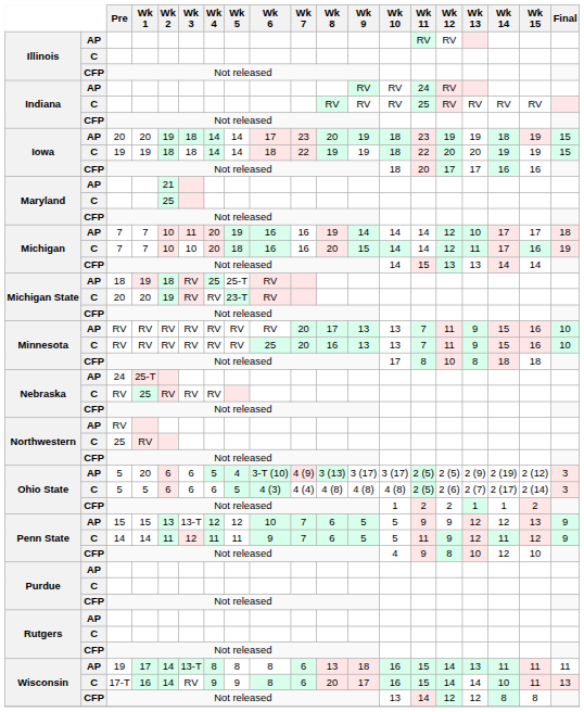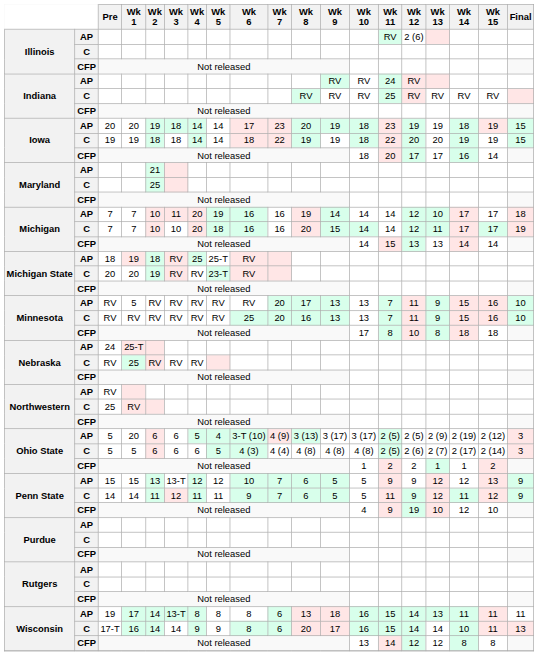 <table class="wikitable" style="white-space:nowrap;font-size:85%;">
 <tr>
 <th colspan=2 style="background:white; border-top-style:hidden; border-left-style:hidden;"> </th>
 <th>Pre</th>
 <th>Wk<br>1</th>
 <th>Wk<br>2</th>
 <th>Wk<br>3</th>
 <th>Wk<br>4</th>
 <th>Wk<br>5</th>
 <th>Wk<br>6</th>
 <th>Wk<br>7</th>
 <th>Wk<br>8</th>
 <th>Wk<br>9</th>
 <th>Wk<br>10</th>
 <th>Wk<br>11</th>
 <th>Wk<br>12</th>
 <th>Wk<br>13</th>
 <th>Wk<br>14</th>
 <th>Wk<br>15</th>
 <th>Final</th>
 </tr>
 <tr style="text-align:center;">
 <th rowspan="3">Illinois</th>
 <th>AP</th>
 <td style="background:#FFF;"></td>
 <td style="background:#FFF;"></td>
 <td style="background:#FFF;"></td>
 <td style="background:#FFF;"></td>
 <td style="background:#FFF;"></td>
 <td style="background:#FFF;"></td>
 <td style="background:#FFF;"></td>
 <td style="background:#FFF;"></td>
 <td style="background:#FFF;"></td>
 <td style="background:#FFF;"></td>
 <td style="background:#FFF;"></td>
 <td style="background:#d8ffeb;">RV</td>
-<td style="background:#FFF;">RV</td>
+<td style="background:#FFF;">2 (6)</td>
 <td style="background:#ffe6e6;"></td>
 <td style="background:#FFF;"></td>
 <td style="background:#FFF;"></td>
 <td style="background:#FFF;"></td>
 </tr>
 <tr style="text-align:center;">
 <th>C</th>
 <td style="background:#FFF;"></td>
 <td style="background:#FFF;"></td>
 <td style="background:#FFF;"></td>
 <td style="background:#FFF;"></td>
 <td style="background:#FFF;"></td>
 <td style="background:#FFF;"></td>
 <td style="background:#FFF;"></td>
 <td style="background:#FFF;"></td>
 <td style="background:#FFF;"></td>
 <td style="background:#FFF;"></td>
 <td style="background:#FFF;"></td>
 <td style="background:#FFF;"></td>
 <td style="background:#FFF;"></td>
 <td style="background:#FFF;"></td>
 <td style="background:#FFF;"></td>
 <td style="background:#FFF;"></td>
 <td style="background:#FFF;"></td>
 </tr>
 <tr style="text-align:center;">
 <th>CFP</th>
 <td colspan="10" style="text-align:center;">Not released</td>
 <td style="background:#FFF;"></td>
 <td style="background:#FFF;"></td>
 <td style="background:#FFF;"></td>
 <td style="background:#FFF;"></td>
 <td style="background:#FFF;"></td>
 <td style="background:#FFF;"></td>
 <td style="text-align:center;"></td>
 </tr>
 <tr style="text-align:center;">
 <th rowspan="3">Indiana</th>
 <th>AP</th>
 <td style="background:#FFF;"></td>
 <td style="background:#FFF;"></td>
 <td style="background:#FFF;"></td>
 <td style="background:#FFF;"></td>
 <td style="background:#FFF;"></td>
 <td style="background:#FFF;"></td>
 <td style="background:#FFF;"></td>
 <td style="background:#FFF;"></td>
 <td style="background:#FFF;"></td>
 <td style="background:#d8ffeb;">RV</td>
 <td style="background:#FFF;">RV</td>
 <td style="background:#d8ffeb;">24</td>
 <td style="background:#ffe6e6;">RV</td>
 <td style="background:#ffe6e6;"></td>
 <td style="background:#FFF;"></td>
 <td style="background:#FFF;"></td>
 <td style="background:#FFF;"></td>
 </tr>
 <tr style="text-align:center;">
 <th>C</th>
 <td style="background:#FFF;"></td>
 <td style="background:#FFF;"></td>
 <td style="background:#FFF;"></td>
 <td style="background:#FFF;"></td>
 <td style="background:#FFF;"></td>
 <td style="background:#FFF;"></td>
 <td style="background:#FFF;"></td>
 <td style="background:#FFF;"></td>
 <td style="background:#d8ffeb;">RV</td>
 <td style="background:#FFF;">RV</td>
 <td style="background:#FFF;">RV</td>
 <td style="background:#d8ffeb;">25</td>
 <td style="background:#ffe6e6;">RV</td>
 <td style="background:#FFF;">RV</td>
 <td style="background:#FFF;">RV</td>
 <td style="background:#FFF;">RV</td>
 <td style="background:#ffe6e6;"></td>
 </tr>
 <tr style="text-align:center;">
 <th>CFP</th>
 <td colspan="10" style="text-align:center;">Not released</td>
 <td style="background:#FFF;"></td>
 <td style="background:#FFF;"></td>
 <td style="background:#FFF;"></td>
 <td style="background:#FFF;"></td>
 <td style="background:#FFF;"></td>
 <td style="background:#FFF;"></td>
 <td style="text-align:center;"></td>
 </tr>
 <tr style="text-align:center;">
 <th rowspan="3">Iowa</th>
 <th>AP</th>
 <td style="background:#FFF;">20</td>
 <td style="background:#FFF;">20</td>
 <td style="background:#d8ffeb;">19</td>
 <td style="background:#d8ffeb;">18</td>
 <td style="background:#d8ffeb;">14</td>
 <td style="background:#FFF;">14</td>
 <td style="background:#ffe6e6;">17</td>
 <td style="background:#ffe6e6;">23</td>
 <td style="background:#d8ffeb;">20</td>
 <td style="background:#d8ffeb;">19</td>
 <td style="background:#d8ffeb;">18</td>
 <td style="background:#ffe6e6;">23</td>
 <td style="background:#d8ffeb;">19</td>
 <td style="background:#FFF;">19</td>
 <td style="background:#d8ffeb;">18</td>
 <td style="background:#ffe6e6;">19</td>
 <td style="background:#d8ffeb;">15</td>
 </tr>
 <tr style="text-align:center;">
 <th>C</th>
 <td style="background:#FFF;">19</td>
 <td style="background:#FFF;">19</td>
 <td style="background:#d8ffeb;">18</td>
 <td style="background:#FFF;">18</td>
 <td style="background:#d8ffeb;">14</td>
 <td style="background:#FFF;">14</td>
 <td style="background:#ffe6e6;">18</td>
 <td style="background:#ffe6e6;">22</td>
 <td style="background:#d8ffeb;">19</td>
 <td style="background:#FFF;">19</td>
 <td style="background:#d8ffeb;">18</td>
 <td style="background:#ffe6e6;">22</td>
 <td style="background:#d8ffeb;">20</td>
 <td style="background:#FFF;">20</td>
 <td style="background:#d8ffeb;">19</td>
 <td style="background:#FFF;">19</td>
 <td style="background:#d8ffeb;">15</td>
 </tr>
 <tr style="text-align:center;">
 <th>CFP</th>
 <td colspan="10" style="text-align:center;">Not released</td>
 <td style="background:#FFF;">18</td>
 <td style="background:#ffe6e6;">20</td>
 <td style="background:#d8ffeb;">17</td>
 <td style="background:#FFF;">17</td>
 <td style="background:#D8FFEB;">16</td>
-<td style="background:#FFF;">16</td>
+<td style="background:#FFF;">14</td>
 <td style="text-align:center;"></td>
 </tr>
 <tr style="text-align:center;">
 <th rowspan="3">Maryland</th>
 <th>AP</th>
 <td style="background:#FFF;"></td>
 <td style="background:#FFF;"></td>
 <td style="background:#d8ffeb;">21</td>
 <td style="background:#ffe6e6;"></td>
 <td style="background:#FFF;"></td>
 <td style="background:#FFF;"></td>
 <td style="background:#FFF;"></td>
 <td style="background:#FFF;"></td>
 <td style="background:#FFF;"></td>
 <td style="background:#FFF;"></td>
 <td style="background:#FFF;"></td>
 <td style="background:#FFF;"></td>
 <td style="background:#FFF;"></td>
 <td style="background:#FFF;"></td>
 <td style="background:#FFF;"></td>
 <td style="background:#FFF;"></td>
 <td style="background:#FFF;"></td>
 </tr>
 <tr style="text-align:center;">
 <th>C</th>
 <td style="background:#FFF;"></td>
 <td style="background:#FFF;"></td>
 <td style="background:#d8ffeb;">25</td>
 <td style="background:#ffe6e6;"></td>
 <td style="background:#FFF;"></td>
 <td style="background:#FFF;"></td>
 <td style="background:#FFF;"></td>
 <td style="background:#FFF;"></td>
 <td style="background:#FFF;"></td>
 <td style="background:#FFF;"></td>
 <td style="background:#FFF;"></td>
 <td style="background:#FFF;"></td>
 <td style="background:#FFF;"></td>
 <td style="background:#FFF;"></td>
 <td style="background:#FFF;"></td>
 <td style="background:#FFF;"></td>
 <td style="background:#FFF;"></td>
 </tr>
 <tr style="text-align:center;">
 <th>CFP</th>
 <td colspan="10" style="text-align:center;">Not released</td>
 <td style="background:#FFF;"></td>
 <td style="background:#FFF;"></td>
 <td style="background:#FFF;"></td>
 <td style="background:#FFF;"></td>
 <td style="background:#FFF;"></td>
 <td style="background:#FFF;"></td>
 <td style="text-align:center;"></td>
 </tr>
 <tr style="text-align:center;">
 <th rowspan="3">Michigan</th>
 <th>AP</th>
 <td style="background:#FFF;">7</td>
 <td style="background:#FFF;">7</td>
 <td style="background:#ffe6e6;">10</td>
 <td style="background:#ffe6e6;">11</td>
 <td style="background:#ffe6e6;">20</td>
 <td style="background:#d8ffeb;">19</td>
 <td style="background:#d8ffeb;">16</td>
 <td style="background:#FFF;">16</td>
 <td style="background:#ffe6e6;">19</td>
 <td style="background:#d8ffeb;">14</td>
 <td style="background:#FFF;">14</td>
 <td style="background:#FFF;">14</td>
 <td style="background:#d8ffeb;">12</td>
 <td style="background:#d8ffeb;">10</td>
 <td style="background:#ffe6e6;">17</td>
 <td style="background:#FFF;">17</td>
 <td style="background:#ffe6e6;">18</td>
 </tr>
 <tr style="text-align:center;">
 <th>C</th>
 <td style="background:#FFF;">7</td>
 <td style="background:#FFF;">7</td>
 <td style="background:#ffe6e6;">10</td>
 <td style="background:#FFF;">10</td>
 <td style="background:#ffe6e6;">20</td>
 <td style="background:#d8ffeb;">18</td>
 <td style="background:#d8ffeb;">16</td>
 <td style="background:#FFF;">16</td>
 <td style="background:#ffe6e6;">20</td>
 <td style="background:#d8ffeb;">15</td>
 <td style="background:#d8ffeb;">14</td>
 <td style="background:#FFF;">14</td>
 <td style="background:#d8ffeb;">12</td>
 <td style="background:#d8ffeb;">11</td>
 <td style="background:#ffe6e6;">17</td>
-<td style="background:#d8ffeb;">16</td>
+<td style="background:#d8ffeb;">17</td>
 <td style="background:#ffe6e6;">19</td>
 </tr>
 <tr style="text-align:center;">
 <th>CFP</th>
 <td colspan="10" style="text-align:center;">Not released</td>
 <td style="background:#FFF;">14</td>
 <td style="background:#ffe6e6;">15</td>
 <td style="background:#d8ffeb;">13</td>
 <td style="background:#FFF;">13</td>
 <td style="background:#FFe6e6;">14</td>
 <td style="background:#FFF;">14</td>
 <td style="text-align:center;"></td>
 </tr>
 <tr style="text-align:center;">
 <th rowspan="3">Michigan State</th>
 <th>AP</th>
 <td style="background:#FFF;">18</td>
 <td style="background:#ffe6e6;">19</td>
 <td style="background:#d8ffeb;">18</td>
 <td style="background:#ffe6e6;">RV</td>
 <td style="background:#d8ffeb;">25</td>
 <td style="background:#FFF;">25-T</td>
 <td style="background:#ffe6e6;">RV</td>
 <td style="background:#ffe6e6;"></td>
 <td style="background:#FFF;"></td>
 <td style="background:#FFF;"></td>
 <td style="background:#FFF;"></td>
 <td style="background:#FFF;"></td>
 <td style="background:#FFF;"></td>
 <td style="background:#FFF;"></td>
 <td style="background:#FFF;"></td>
 <td style="background:#FFF;"></td>
 <td style="background:#FFF;"></td>
 </tr>
 <tr style="text-align:center;">
 <th>C</th>
 <td style="background:#FFF;">20</td>
 <td style="background:#FFF;">20</td>
 <td style="background:#d8ffeb;">19</td>
 <td style="background:#ffe6e6;">RV</td>
 <td style="background:#FFF;">RV</td>
 <td style="background:#d8ffeb;">23-T</td>
 <td style="background:#ffe6e6;">RV</td>
 <td style="background:#ffe6e6;"></td>
 <td style="background:#FFF;"></td>
 <td style="background:#FFF;"></td>
 <td style="background:#FFF;"></td>
 <td style="background:#FFF;"></td>
 <td style="background:#FFF;"></td>
 <td style="background:#FFF;"></td>
 <td style="background:#FFF;"></td>
 <td style="background:#FFF;"></td>
 <td style="background:#FFF;"></td>
 </tr>
 <tr style="text-align:center;">
 <th>CFP</th>
 <td colspan="10" style="text-align:center;">Not released</td>
 <td style="background:#FFF;"></td>
 <td style="background:#FFF;"></td>
 <td style="background:#FFF;"></td>
 <td style="background:#FFF;"></td>
 <td style="background:#FFF;"></td>
 <td style="background:#FFF;"></td>
 <td style="text-align:center;"></td>
 </tr>
 <tr style="text-align:center;">
 <th rowspan="3">Minnesota</th>
 <th>AP</th>
 <td style="background:#FFF;">RV</td>
-<td style="background:#FFF;">RV</td>
+<td style="background:#FFF;">5</td>
 <td style="background:#FFF;">RV</td>
 <td style="background:#FFF;">RV</td>
 <td style="background:#FFF;">RV</td>
 <td style="background:#FFF;">RV</td>
 <td style="background:#FFF;">RV</td>
 <td style="background:#d8ffeb;">20</td>
 <td style="background:#d8ffeb;">17</td>
 <td style="background:#d8ffeb;">13</td>
 <td style="background:#FFF;">13</td>
 <td style="background:#d8ffeb;">7</td>
 <td style="background:#ffe6e6;">11</td>
 <td style="background:#d8ffeb;">9</td>
 <td style="background:#ffe6e6;">15</td>
 <td style="background:#ffe6e6;">16</td>
 <td style="background:#d8ffeb;">10</td>
 </tr>
 <tr style="text-align:center;">
 <th>C</th>
 <td style="background:#FFF;">RV</td>
 <td style="background:#FFF;">RV</td>
 <td style="background:#FFF;">RV</td>
 <td style="background:#FFF;">RV</td>
 <td style="background:#FFF;">RV</td>
 <td style="background:#FFF;">RV</td>
 <td style="background:#d8ffeb;">25</td>
 <td style="background:#d8ffeb;">20</td>
 <td style="background:#d8ffeb;">16</td>
 <td style="background:#d8ffeb;">13</td>
 <td style="background:#FFF;">13</td>
 <td style="background:#d8ffeb;">7</td>
 <td style="background:#ffe6e6;">11</td>
 <td style="background:#d8ffeb;">9</td>
 <td style="background:#ffe6e6;">15</td>
 <td style="background:#ffe6e6;">16</td>
 <td style="background:#d8ffeb;">10</td>
 </tr>
 <tr style="text-align:center;">
 <th>CFP</th>
 <td colspan="10" style="text-align:center;">Not released</td>
 <td style="background:#FFF;">17</td>
 <td style="background:#d8ffeb;">8</td>
 <td style="background:#ffe6e6;">10</td>
 <td style="background:#d8ffeb;">8</td>
 <td style="background:#FFe6e6;">18</td>
 <td style="background:#FFF;">18</td>
 <td style="text-align:center;"></td>
 </tr>
 <tr style="text-align:center;">
 <th rowspan="3">Nebraska</th>
 <th>AP</th>
 <td style="background:#FFF;">24</td>
 <td style="background:#ffe6e6;">25-T</td>
 <td style="background:#ffe6e6;"></td>
 <td style="background:#FFF;"></td>
 <td style="background:#FFF;"></td>
 <td style="background:#FFF;"></td>
 <td style="background:#FFF;"></td>
 <td style="background:#FFF;"></td>
 <td style="background:#FFF;"></td>
 <td style="background:#FFF;"></td>
 <td style="background:#FFF;"></td>
 <td style="background:#FFF;"></td>
 <td style="background:#FFF;"></td>
 <td style="background:#FFF;"></td>
 <td style="background:#FFF;"></td>
 <td style="background:#FFF;"></td>
 <td style="background:#FFF;"></td>
 </tr>
 <tr style="text-align:center;">
 <th>C</th>
 <td style="background:#FFF;">RV</td>
 <td style="background:#d8ffeb">25</td>
 <td style="background:#ffe6e6;">RV</td>
 <td style="background:#FFF;">RV</td>
 <td style="background:#FFF;">RV</td>
 <td style="background:#ffe6e6;"></td>
 <td style="background:#FFF;"></td>
 <td style="background:#FFF;"></td>
 <td style="background:#FFF;"></td>
 <td style="background:#FFF;"></td>
 <td style="background:#FFF;"></td>
 <td style="background:#FFF;"></td>
 <td style="background:#FFF;"></td>
 <td style="background:#FFF;"></td>
 <td style="background:#FFF;"></td>
 <td style="background:#FFF;"></td>
 <td style="background:#FFF;"></td>
 </tr>
 <tr style="text-align:center;">
 <th>CFP</th>
 <td colspan="10" style="text-align:center;">Not released</td>
 <td style="background:#FFF;"></td>
 <td style="background:#FFF;"></td>
 <td style="background:#FFF;"></td>
 <td style="background:#FFF;"></td>
 <td style="background:#FFF;"></td>
 <td style="background:#FFF;"></td>
 <td style="text-align:center;"></td>
 </tr>
 <tr style="text-align:center;">
 <th rowspan="3">Northwestern</th>
 <th>AP</th>
 <td style="background:#FFF;">RV</td>
 <td style="background:#ffe6e6"></td>
 <td style="background:#FFF;"></td>
 <td style="background:#FFF;"></td>
 <td style="background:#FFF;"></td>
 <td style="background:#FFF;"></td>
 <td style="background:#FFF;"></td>
 <td style="background:#FFF;"></td>
 <td style="background:#FFF;"></td>
 <td style="background:#FFF;"></td>
 <td style="background:#FFF;"></td>
 <td style="background:#FFF;"></td>
 <td style="background:#FFF;"></td>
 <td style="background:#FFF;"></td>
 <td style="background:#FFF;"></td>
 <td style="background:#FFF;"></td>
 <td style="background:#FFF;"></td>
 </tr>
 <tr style="text-align:center;">
 <th>C</th>
 <td style="background:#FFF;">25</td>
 <td style="background:#ffe6e6">RV</td>
 <td style="background:#ffe6e6;"></td>
 <td style="background:#FFF;"></td>
 <td style="background:#FFF;"></td>
 <td style="background:#FFF;"></td>
 <td style="background:#FFF;"></td>
 <td style="background:#FFF;"></td>
 <td style="background:#FFF;"></td>
 <td style="background:#FFF;"></td>
 <td style="background:#FFF;"></td>
 <td style="background:#FFF;"></td>
 <td style="background:#FFF;"></td>
 <td style="background:#FFF;"></td>
 <td style="background:#FFF;"></td>
 <td style="background:#FFF;"></td>
 <td style="background:#FFF;"></td>
 </tr>
 <tr style="text-align:center;">
 <th>CFP</th>
 <td colspan="10" style="text-align:center;">Not released</td>
 <td style="background:#FFF;"></td>
 <td style="background:#FFF;"></td>
 <td style="background:#FFF;"></td>
 <td style="background:#FFF;"></td>
 <td style="background:#FFF;"></td>
 <td style="background:#FFF;"></td>
 <td style="text-align:center;"></td>
 </tr>
 <tr style="text-align:center;">
 <th rowspan="3">Ohio State</th>
 <th>AP</th>
 <td style="background:#FFF;">5</td>
 <td style="background:#FFF;">20</td>
 <td style="background:#ffe6e6;">6</td>
 <td style="background:#FFF;">6</td>
 <td style="background:#d8ffeb;">5</td>
 <td style="background:#d8ffeb;">4</td>
 <td style="background:#d8ffeb;">3-T (10)</td>
 <td style="background:#ffe6e6;">4 (9)</td>
 <td style="background:#d8ffeb;">3 (13)</td>
 <td style="background:#FFF;">3 (17)</td>
 <td style="background:#FFF;">3 (17)</td>
 <td style="background:#d8ffeb;">2 (5)</td>
 <td style="background:#FFF;">2 (5)</td>
 <td style="background:#FFF;">2 (9)</td>
 <td style="background:#FFF;">2 (19)</td>
 <td style="background:#FFF;">2 (12)</td>
 <td style="background:#ffe6e6;">3</td>
 </tr>
 <tr style="text-align:center;">
 <th>C</th>
 <td style="background:#FFF;">5</td>
 <td style="background:#FFF;">5</td>
 <td style="background:#ffe6e6;">6</td>
 <td style="background:#FFF;">6</td>
 <td style="background:#FFF;">6</td>
 <td style="background:#d8ffeb;">5</td>
 <td style="background:#d8ffeb;">4 (3)</td>
 <td style="background:#FFF;">4 (4)</td>
 <td style="background:#FFF;">4 (8)</td>
 <td style="background:#FFF;">4 (8)</td>
 <td style="background:#FFF;">4 (8)</td>
 <td style="background:#d8ffeb;">2 (5)</td>
 <td style="background:#FFF;">2 (6)</td>
 <td style="background:#FFF;">2 (7)</td>
 <td style="background:#FFF;">2 (17)</td>
 <td style="background:#FFF;">2 (14)</td>
 <td style="background:#ffe6e6;">3</td>
 </tr>
 <tr style="text-align:center;">
 <th>CFP</th>
 <td colspan="10" style="text-align:center;">Not released</td>
 <td style="background:#FFF;">1</td>
 <td style="background:#ffe6e6;">2</td>
 <td style="background:#FFF;">2</td>
 <td style="background:#d8ffeb;">1</td>
 <td style="background:#FFF;">1</td>
 <td style="background:#ffe6e6;">2</td>
 <td style="text-align:center;"></td>
 </tr>
 <tr style="text-align:center;">
 <th rowspan="3">Penn State</th>
 <th>AP</th>
 <td style="background:#FFF;">15</td>
 <td style="background:#FFF;">15</td>
 <td style="background:#d8ffeb;">13</td>
 <td style="background:#FFF;">13-T</td>
 <td style="background:#d8ffeb;">12</td>
 <td style="background:#FFF;">12</td>
 <td style="background:#d8ffeb;">10</td>
 <td style="background:#d8ffeb;">7</td>
 <td style="background:#d8ffeb;">6</td>
 <td style="background:#d8ffeb;">5</td>
 <td style="background:#FFF;">5</td>
 <td style="background:#ffe6e6;">9</td>
 <td style="background:#FFF;">9</td>
 <td style="background:#ffe6e6;">12</td>
 <td style="background:#FFF;">12</td>
 <td style="background:#ffe6e6;">13</td>
 <td style="background:#d8ffeb;">9</td>
 </tr>
 <tr style="text-align:center;">
 <th>C</th>
 <td style="background:#FFF;">14</td>
 <td style="background:#FFF;">14</td>
 <td style="background:#d8ffeb;">11</td>
 <td style="background:#ffe6e6;">12</td>
 <td style="background:#d8ffeb;">11</td>
 <td style="background:#FFF;">11</td>
 <td style="background:#d8ffeb;">9</td>
 <td style="background:#d8ffeb;">7</td>
 <td style="background:#d8ffeb;">6</td>
 <td style="background:#d8ffeb;">5</td>
 <td style="background:#FFF;">5</td>
 <td style="background:#ffe6e6;">11</td>
 <td style="background:#d8ffeb;">9</td>
 <td style="background:#ffe6e6;">12</td>
 <td style="background:#d8ffeb;">11</td>
 <td style="background:#ffe6e6;">12</td>
 <td style="background:#d8ffeb;">9</td>
 </tr>
 <tr style="text-align:center;">
 <th>CFP</th>
 <td colspan="10" style="text-align:center;">Not released</td>
 <td style="background:#FFF;">4</td>
 <td style="background:#ffe6e6;">9</td>
-<td style="background:#d8ffeb;">8</td>
+<td style="background:#d8ffeb;">19</td>
 <td style="background:#ffe6e6;">10</td>
 <td style="background:#FFF;">12</td>
 <td style="background:#FFF;">10</td>
 <td style="text-align:center;"></td>
 </tr>
 <tr style="text-align:center;">
 <th rowspan="3">Purdue</th>
 <th>AP</th>
 <td style="background:#FFF;"></td>
 <td style="background:#FFF;"></td>
 <td style="background:#FFF;"></td>
 <td style="background:#FFF;"></td>
 <td style="background:#FFF;"></td>
 <td style="background:#FFF;"></td>
 <td style="background:#FFF;"></td>
 <td style="background:#FFF;"></td>
 <td style="background:#FFF;"></td>
 <td style="background:#FFF;"></td>
 <td style="background:#FFF;"></td>
 <td style="background:#FFF;"></td>
 <td style="background:#FFF;"></td>
 <td style="background:#FFF;"></td>
 <td style="background:#FFF;"></td>
 <td style="background:#FFF;"></td>
 <td style="background:#FFF;"></td>
 </tr>
 <tr style="text-align:center;">
 <th>C</th>
 <td style="background:#FFF;"></td>
 <td style="background:#FFF;"></td>
 <td style="background:#FFF;"></td>
 <td style="background:#FFF;"></td>
 <td style="background:#FFF;"></td>
 <td style="background:#FFF;"></td>
 <td style="background:#FFF;"></td>
 <td style="background:#FFF;"></td>
 <td style="background:#FFF;"></td>
 <td style="background:#FFF;"></td>
 <td style="background:#FFF;"></td>
 <td style="background:#FFF;"></td>
 <td style="background:#FFF;"></td>
 <td style="background:#FFF;"></td>
 <td style="background:#FFF;"></td>
 <td style="background:#FFF;"></td>
 <td style="background:#FFF;"></td>
 </tr>
 <tr style="text-align:center;">
 <th>CFP</th>
 <td colspan="10" style="text-align:center;">Not released</td>
 <td style="background:#FFF;"></td>
 <td style="background:#FFF;"></td>
 <td style="background:#FFF;"></td>
 <td style="background:#FFF;"></td>
 <td style="background:#FFF;"></td>
 <td style="background:#FFF;"></td>
 <td style="text-align:center;"></td>
 </tr>
 <tr style="text-align:center;">
 <th rowspan="3"><strong>Rutgers</strong></th>
 <th>AP</th>
 <td style="background:#FFF;"></td>
 <td style="background:#FFF;"></td>
 <td style="background:#FFF;"></td>
 <td style="background:#FFF;"></td>
 <td style="background:#FFF;"></td>
 <td style="background:#FFF;"></td>
 <td style="background:#FFF;"></td>
 <td style="background:#FFF;"></td>
 <td style="background:#FFF;"></td>
 <td style="background:#FFF;"></td>
 <td style="background:#FFF;"></td>
 <td style="background:#FFF;"></td>
 <td style="background:#FFF;"></td>
 <td style="background:#FFF;"></td>
 <td style="background:#FFF;"></td>
 <td style="background:#FFF;"></td>
 <td style="background:#FFF;"></td>
 </tr>
 <tr style="text-align:center;">
 <th>C</th>
 <td style="background:#FFF;"></td>
 <td style="background:#FFF;"></td>
 <td style="background:#FFF;"></td>
 <td style="background:#FFF;"></td>
 <td style="background:#FFF;"></td>
 <td style="background:#FFF;"></td>
 <td style="background:#FFF;"></td>
 <td style="background:#FFF;"></td>
 <td style="background:#FFF;"></td>
 <td style="background:#FFF;"></td>
 <td style="background:#FFF;"></td>
 <td style="background:#FFF;"></td>
 <td style="background:#FFF;"></td>
 <td style="background:#FFF;"></td>
 <td style="background:#FFF;"></td>
 <td style="background:#FFF;"></td>
 <td style="background:#FFF;"></td>
 </tr>
 <tr style="text-align:center;">
 <th>CFP</th>
 <td colspan="10" style="text-align:center;">Not released</td>
 <td style="background:#FFF;"></td>
 <td style="background:#FFF;"></td>
 <td style="background:#FFF;"></td>
 <td style="background:#FFF;"></td>
 <td style="background:#FFF;"></td>
 <td style="background:#FFF;"></td>
 <td style="text-align:center;"></td>
 </tr>
 <tr style="text-align:center;">
 <th rowspan="3">Wisconsin</th>
 <th>AP</th>
 <td style="background:#FFF;">19</td>
 <td style="background:#d8ffeb;">17</td>
 <td style="background:#d8ffeb;">14</td>
 <td style="background:#d8ffeb;">13-T</td>
 <td style="background:#d8ffeb;">8</td>
 <td style="background:#FFF;">8</td>
 <td style="background:#FFF;">8</td>
 <td style="background:#d8ffeb;">6</td>
 <td style="background:#ffe6e6;">13</td>
 <td style="background:#ffe6e6;">18</td>
 <td style="background:#d8ffeb;">16</td>
 <td style="background:#d8ffeb;">15</td>
 <td style="background:#d8ffeb;">14</td>
 <td style="background:#d8ffeb;">13</td>
 <td style="background:#d8ffeb;">11</td>
 <td style="background:#ffe6e6;">11</td>
 <td style="background:#FFF;">11</td>
 </tr>
 <tr style="text-align:center;">
 <th>C</th>
 <td style="background:#FFF;">17-T</td>
 <td style="background:#d8ffeb;">16</td>
 <td style="background:#d8ffeb;">14</td>
-<td style="background:#FFF;">RV</td>
+<td style="background:#FFF;">14</td>
 <td style="background:#d8ffeb;">9</td>
 <td style="background:#FFF;">9</td>
 <td style="background:#d8ffeb;">8</td>
 <td style="background:#d8ffeb;">6</td>
 <td style="background:#ffe6e6;">20</td>
 <td style="background:#ffe6e6;">17</td>
 <td style="background:#d8ffeb;">16</td>
 <td style="background:#d8ffeb;">15</td>
 <td style="background:#d8ffeb;">14</td>
 <td style="background:#FFF;">14</td>
 <td style="background:#d8ffeb;">10</td>
 <td style="background:#ffe6e6;">11</td>
 <td style="background:#ffe6e6;">13</td>
 </tr>
 <tr style="text-align:center;">
 <th>CFP</th>
 <td colspan="10" style="text-align:center;">Not released</td>
 <td style="background:#FFF;">13</td>
 <td style="background:#ffe6e6;">14</td>
 <td style="background:#d8ffeb;">12</td>
 <td style="background:#FFF;">12</td>
 <td style="background:#D8FFEB;">8</td>
 <td style="background:#FFF;">8</td>
 <td style="text-align:center;"></td>
 </tr>
 <tr style="text-align:center;">
 </tr>
 </table>
